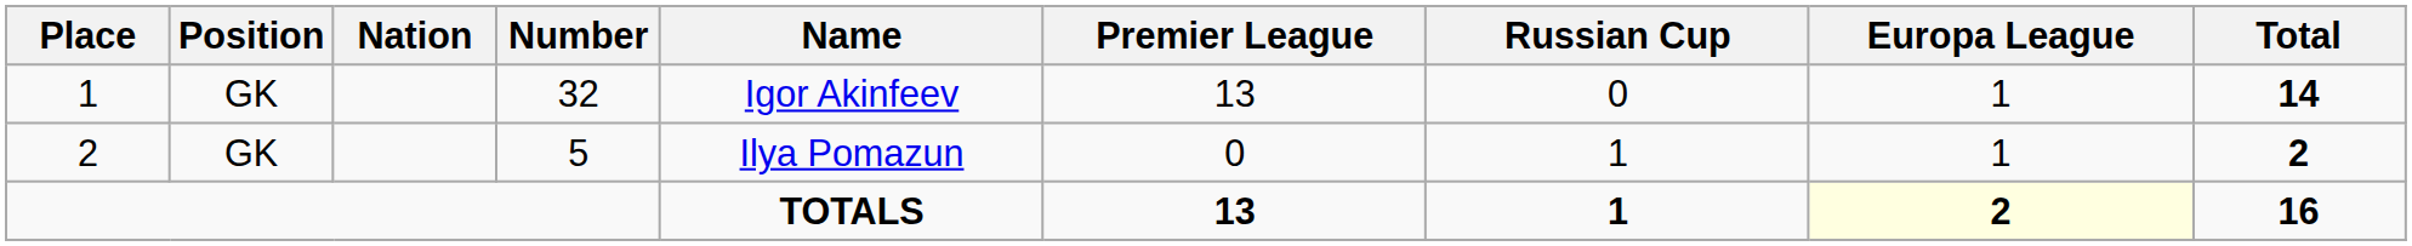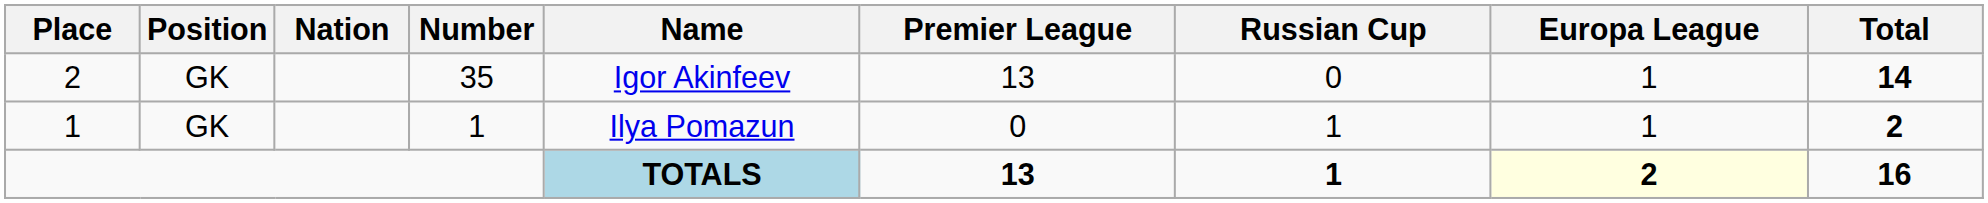 <table class="wikitable" style="font-size: 95%; text-align: center;">
 <tr>
 <th width=60>Place</th>
 <th width=60>Position</th>
 <th width=60>Nation</th>
 <th width=60>Number</th>
 <th width=150>Name</th>
 <th width=150>Premier League</th>
 <th width=150>Russian Cup</th>
 <th width=150>Europa League</th>
 <th width=80>Total</th>
 </tr>
 <tr>
-<td>1</td>
+<td>2</td>
 <td>GK</td>
 <td></td>
-<td>32</td>
+<td>35</td>
 <td><a href='#'>Igor Akinfeev</a></td>
 <td>13</td>
 <td>0</td>
 <td>1</td>
 <td><strong>14</strong></td>
 </tr>
 <tr>
-<td>2</td>
+<td>1</td>
 <td>GK</td>
 <td></td>
-<td>5</td>
+<td>1</td>
 <td><a href='#'>Ilya Pomazun</a></td>
 <td>0</td>
 <td>1</td>
 <td>1</td>
 <td><strong>2</strong></td>
 </tr>
 <tr>
 <td colspan="4"></td>
-<td><strong>TOTALS</strong></td>
+<td style="background: lightblue;"><strong>TOTALS</strong></td>
 <td><strong>13</strong></td>
 <td><strong>1</strong></td>
 <td style="background: lightyellow;"><strong>2</strong></td>
 <td><strong>16</strong></td>
 </tr>
 </table>
